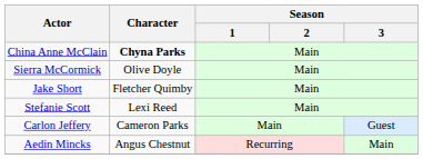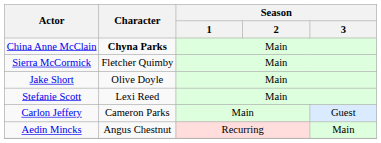 <table class="wikitable" style="text-align:center;">
 <tr>
 <th rowspan="2" scope="col">Actor</th>
 <th rowspan="2" scope="col">Character</th>
 <th colspan="3" scope="col">Season</th>
 </tr>
 <tr>
 <th width="18%">1</th>
 <th width="18%">2</th>
 <th width="18%">3</th>
 </tr>
 <tr>
 <td><a href='#'>China Anne McClain</a></td>
 <td><strong>Chyna Parks</strong></td>
 <td colspan="3" style="background: #ddffdd" align="center">Main</td>
 </tr>
 <tr>
 <td><a href='#'>Sierra McCormick</a></td>
-<td>Olive Doyle</td>
+<td>Fletcher Quimby</td>
 <td colspan="3" style="background: #ddffdd" align="center">Main</td>
 </tr>
 <tr>
 <td><a href='#'>Jake Short</a></td>
-<td>Fletcher Quimby</td>
+<td>Olive Doyle</td>
 <td colspan="3" style="background: #ddffdd" align="center">Main</td>
 </tr>
 <tr>
 <td><a href='#'>Stefanie Scott</a></td>
 <td>Lexi Reed</td>
 <td colspan="3" style="background: #ddffdd" align="center">Main</td>
 </tr>
 <tr>
 <td><a href='#'>Carlon Jeffery</a></td>
 <td>Cameron Parks</td>
 <td colspan="2" style="background: #ddffdd" align="center">Main</td>
 <td colspan="1" style="background:  #DAEBFF" align="center">Guest</td>
 </tr>
 <tr>
 <td><a href='#'>Aedin Mincks</a></td>
 <td>Angus Chestnut</td>
 <td colspan="2" style="background: #FFDDDD" align="center">Recurring</td>
 <td colspan="1" style="background: #ddffdd" align="center">Main</td>
 </tr>
 <tr>
 </tr>
 </table>
